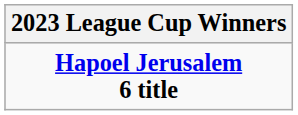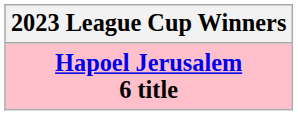 <table class=wikitable style="text-align:center; margin:auto">
 <tr>
 <th>2023 League Cup Winners</th>
 </tr>
 <tr>
-<td><strong><a href='#'>Hapoel Jerusalem</a></strong> <br> <strong>6 title</strong></td>
+<td style="background: pink;"><strong><a href='#'>Hapoel Jerusalem</a></strong> <br> <strong>6 title</strong></td>
 </tr>
 </table>
